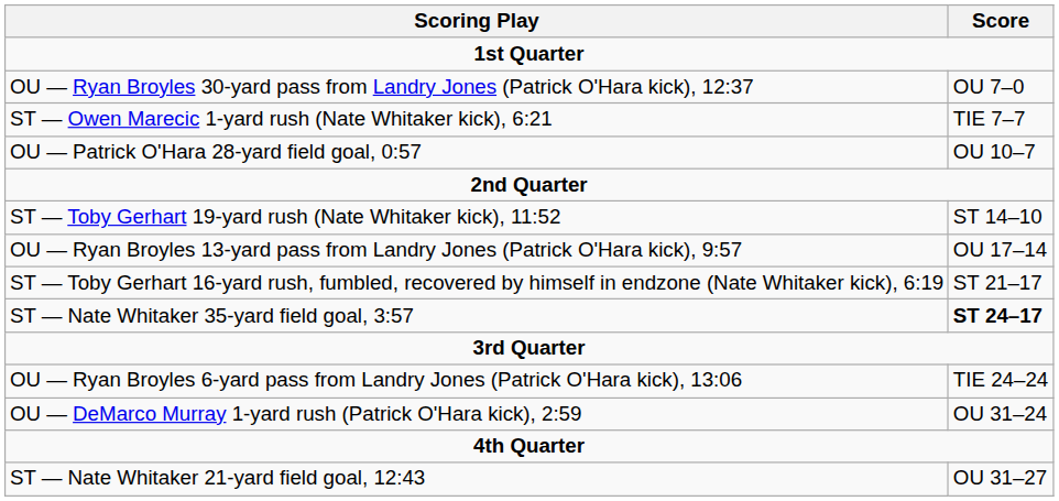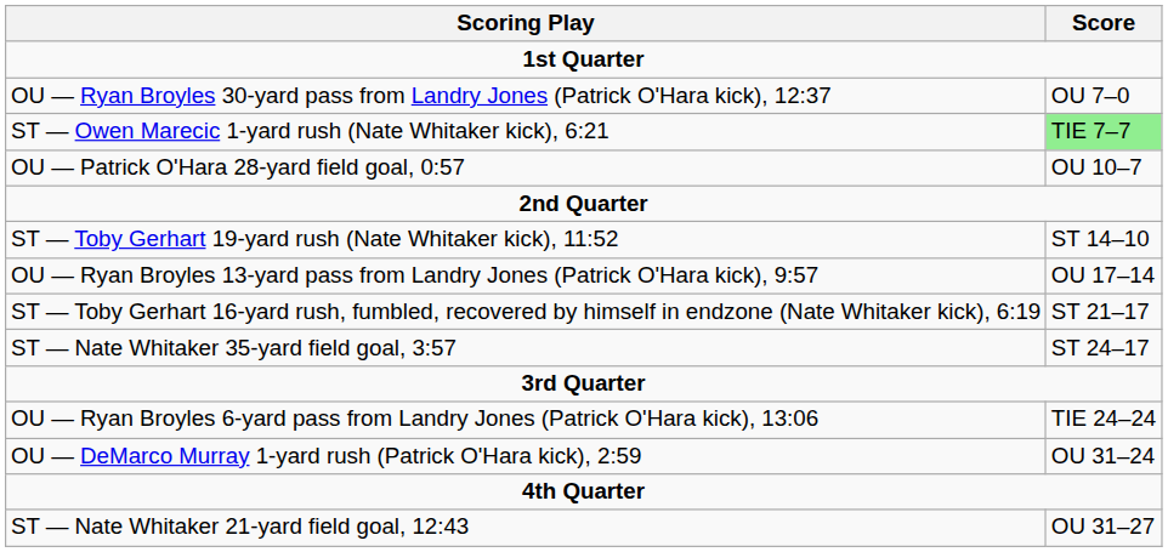 <table class="wikitable">
 <tr>
 <th>Scoring Play</th>
 <th>Score</th>
 </tr>
 <tr>
 <td colspan="4" align="center"><strong>1st Quarter</strong></td>
 </tr>
 <tr>
 <td>OU — <a href='#'>Ryan Broyles</a> 30-yard pass from <a href='#'>Landry Jones</a> (Patrick O'Hara kick), 12:37</td>
 <td>OU 7–0</td>
 </tr>
 <tr>
 <td>ST — <a href='#'>Owen Marecic</a> 1-yard rush (Nate Whitaker kick), 6:21</td>
-<td>TIE 7–7</td>
+<td style="background: lightgreen;">TIE 7–7</td>
 </tr>
 <tr>
 <td>OU — Patrick O'Hara 28-yard field goal, 0:57</td>
 <td>OU 10–7</td>
 </tr>
 <tr>
 <td colspan="4" align="center"><strong>2nd Quarter</strong></td>
 </tr>
 <tr>
 <td>ST — <a href='#'>Toby Gerhart</a> 19-yard rush (Nate Whitaker kick), 11:52</td>
 <td>ST 14–10</td>
 </tr>
 <tr>
 <td>OU — Ryan Broyles 13-yard pass from Landry Jones (Patrick O'Hara kick), 9:57</td>
 <td>OU 17–14</td>
 </tr>
 <tr>
 <td>ST — Toby Gerhart 16-yard rush, fumbled, recovered by himself in endzone (Nate Whitaker kick), 6:19</td>
 <td>ST 21–17</td>
 </tr>
 <tr>
 <td>ST — Nate Whitaker 35-yard field goal, 3:57</td>
-<td><strong>ST 24–17</strong></td>
+<td>ST 24–17</td>
 </tr>
 <tr>
 <td colspan="4" align="center"><strong>3rd Quarter</strong></td>
 </tr>
 <tr>
 <td>OU — Ryan Broyles 6-yard pass from Landry Jones (Patrick O'Hara kick), 13:06</td>
 <td>TIE 24–24</td>
 </tr>
 <tr>
 <td>OU — <a href='#'>DeMarco Murray</a> 1-yard rush (Patrick O'Hara kick), 2:59</td>
 <td>OU 31–24</td>
 </tr>
 <tr>
 <td colspan="4" align="center"><strong>4th Quarter</strong></td>
 </tr>
 <tr>
 <td>ST — Nate Whitaker 21-yard field goal, 12:43</td>
 <td>OU 31–27</td>
 </tr>
 </table>
